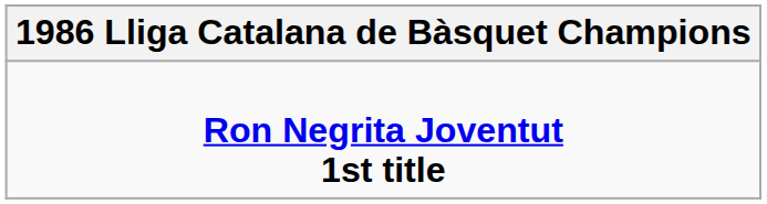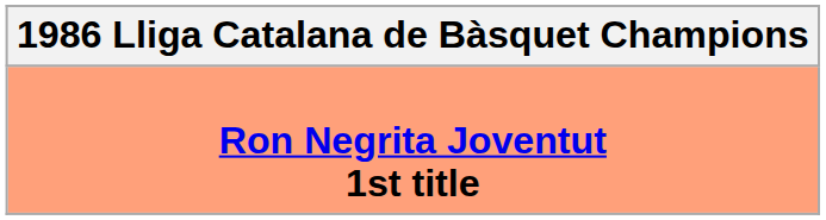 <table class=wikitable style="text-align:center; margin:auto">
 <tr>
 <th>1986 Lliga Catalana de Bàsquet Champions</th>
 </tr>
 <tr>
-<td> <br> <strong><a href='#'>Ron Negrita Joventut</a></strong> <br> <strong>1st title</strong></td>
+<td style="background: lightsalmon;"> <br> <strong><a href='#'>Ron Negrita Joventut</a></strong> <br> <strong>1st title</strong></td>
 </tr>
 </table>
